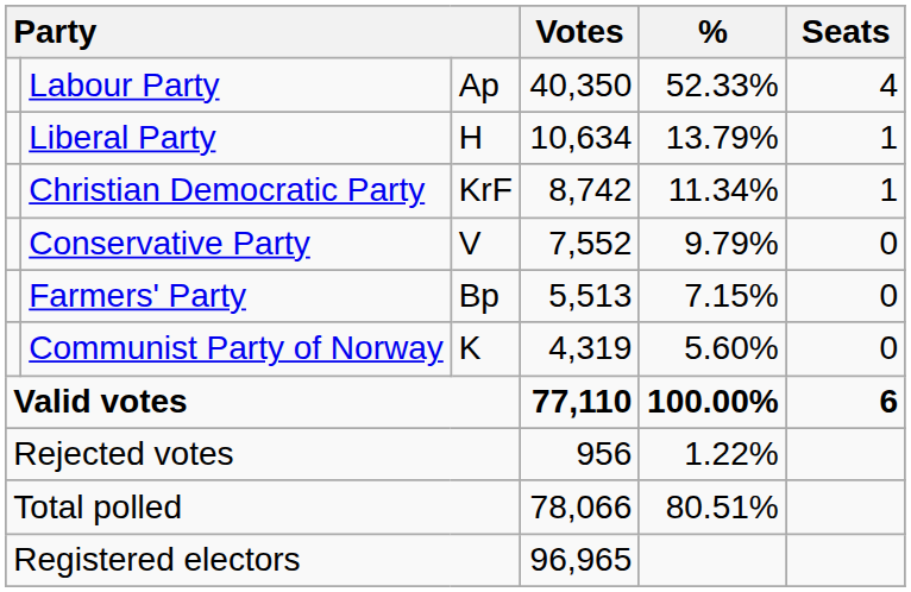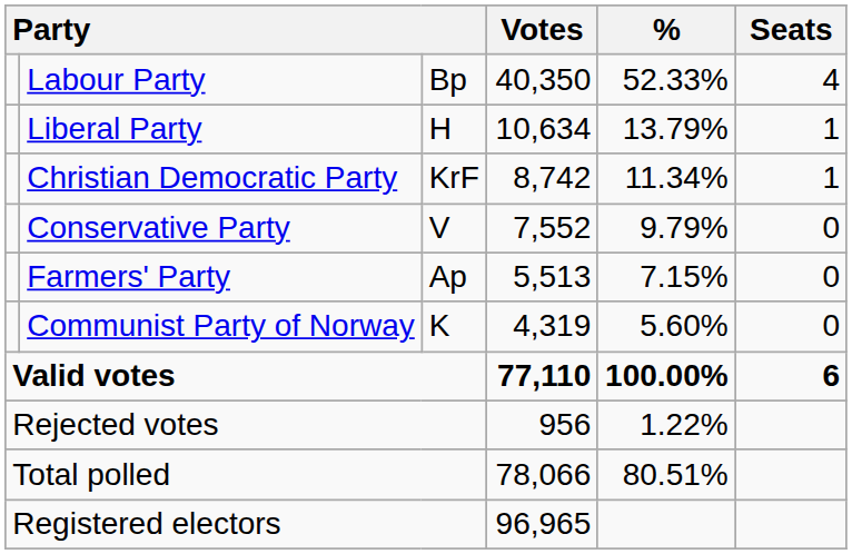 <table class="wikitable" border="1" style="text-align:right;">
 <tr>
 <th style="text-align:left;" colspan=3>Party</th>
 <th align=center width="50">Votes</th>
 <th align=center width="50">%</th>
 <th align=center width="50">Seats</th>
 </tr>
 <tr>
 <td style="color:inherit;background:"></td>
 <td align=left><a href='#'>Labour Party</a></td>
-<td align=left>Ap</td>
+<td align=left>Bp</td>
 <td>40,350</td>
 <td>52.33%</td>
 <td>4</td>
 </tr>
 <tr>
 <td style="color:inherit;background:"></td>
 <td align=left><a href='#'>Liberal Party</a></td>
 <td align=left>H</td>
 <td>10,634</td>
 <td>13.79%</td>
 <td>1</td>
 </tr>
 <tr>
 <td style="color:inherit;background:"></td>
 <td align=left><a href='#'>Christian Democratic Party</a></td>
 <td align=left>KrF</td>
 <td>8,742</td>
 <td>11.34%</td>
 <td>1</td>
 </tr>
 <tr>
 <td style="color:inherit;background:"></td>
 <td align=left><a href='#'>Conservative Party</a></td>
 <td align=left>V</td>
 <td>7,552</td>
 <td>9.79%</td>
 <td>0</td>
 </tr>
 <tr>
 <td style="color:inherit;background:"></td>
 <td align=left><a href='#'>Farmers' Party</a></td>
-<td align=left>Bp</td>
+<td align=left>Ap</td>
 <td>5,513</td>
 <td>7.15%</td>
 <td>0</td>
 </tr>
 <tr>
 <td style="color:inherit;background:"></td>
 <td align=left><a href='#'>Communist Party of Norway</a></td>
 <td align=left>K</td>
 <td>4,319</td>
 <td>5.60%</td>
 <td>0</td>
 </tr>
 <tr style="font-weight:bold">
 <td align=left colspan=3>Valid votes</td>
 <td>77,110</td>
 <td>100.00%</td>
 <td>6</td>
 </tr>
 <tr>
 <td align=left colspan=3>Rejected votes</td>
 <td>956</td>
 <td>1.22%</td>
 <td></td>
 </tr>
 <tr>
 <td align=left colspan=3>Total polled</td>
 <td>78,066</td>
 <td>80.51%</td>
 <td></td>
 </tr>
 <tr>
 <td align=left colspan=3>Registered electors</td>
 <td>96,965</td>
 <td></td>
 <td></td>
 </tr>
 </table>
